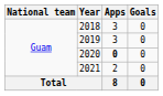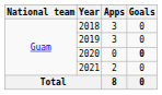 <table class=wikitable style=text-align:center>
 <tr>
 <th>National team</th>
 <th>Year</th>
 <th>Apps</th>
 <th>Goals</th>
 </tr>
 <tr>
 <td rowspan=4><a href='#'>Guam</a></td>
 <td>2018</td>
 <td>3</td>
 <td>0</td>
 </tr>
 <tr>
 <td>2019</td>
 <td>3</td>
 <td>0</td>
 </tr>
 <tr>
 <td>2020</td>
+<td>0</td>
 <td><strong>0</strong></td>
-<td>0</td>
 </tr>
 <tr>
 <td>2021</td>
 <td>2</td>
 <td>0</td>
 </tr>
 <tr>
 <th colspan=2>Total</th>
 <th>8</th>
 <th>0</th>
 </tr>
 </table>
